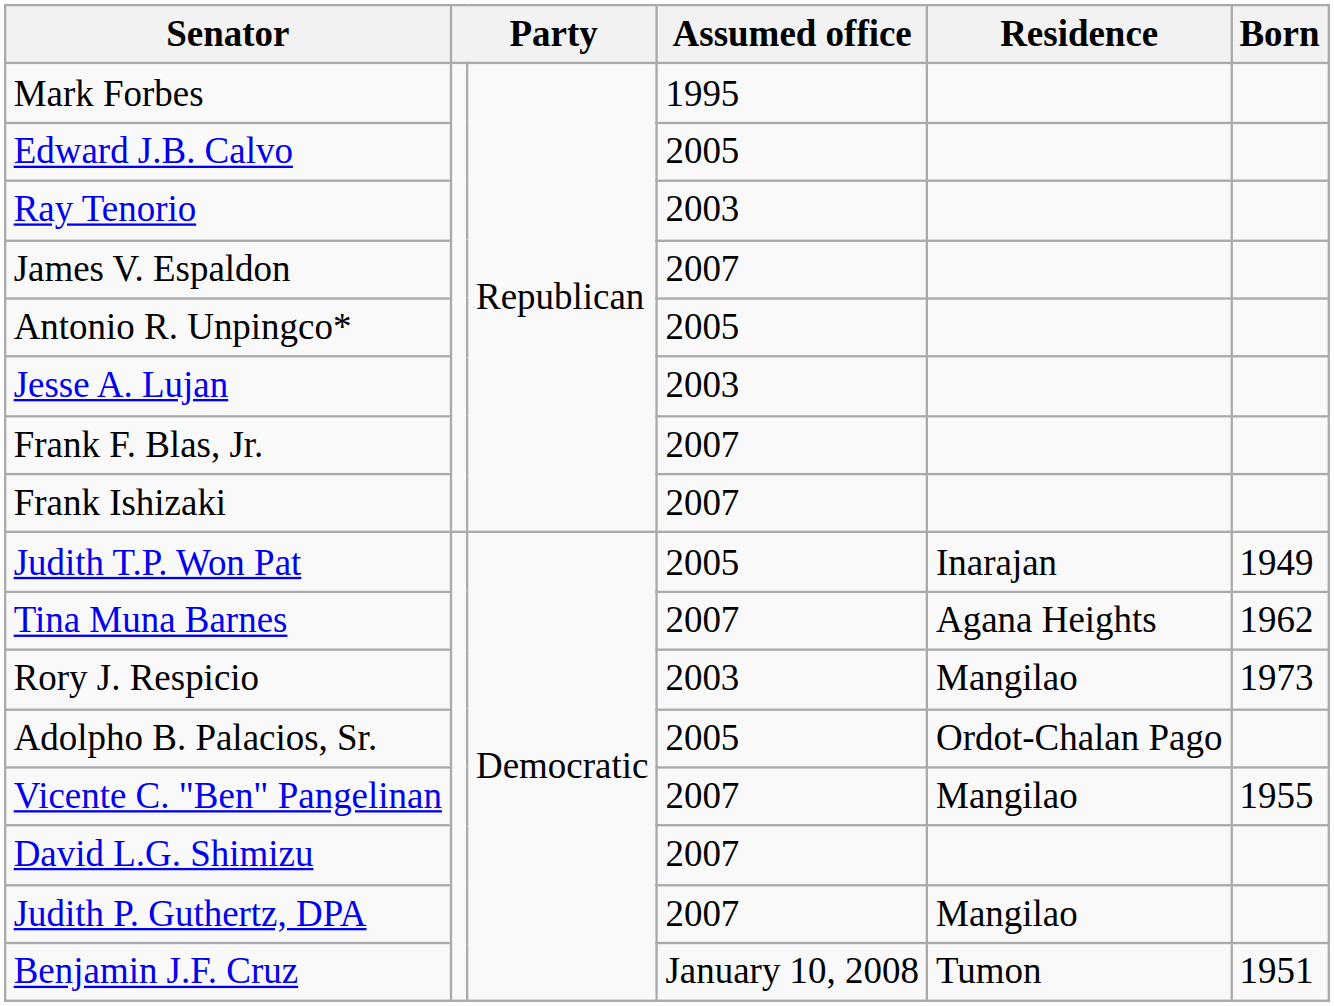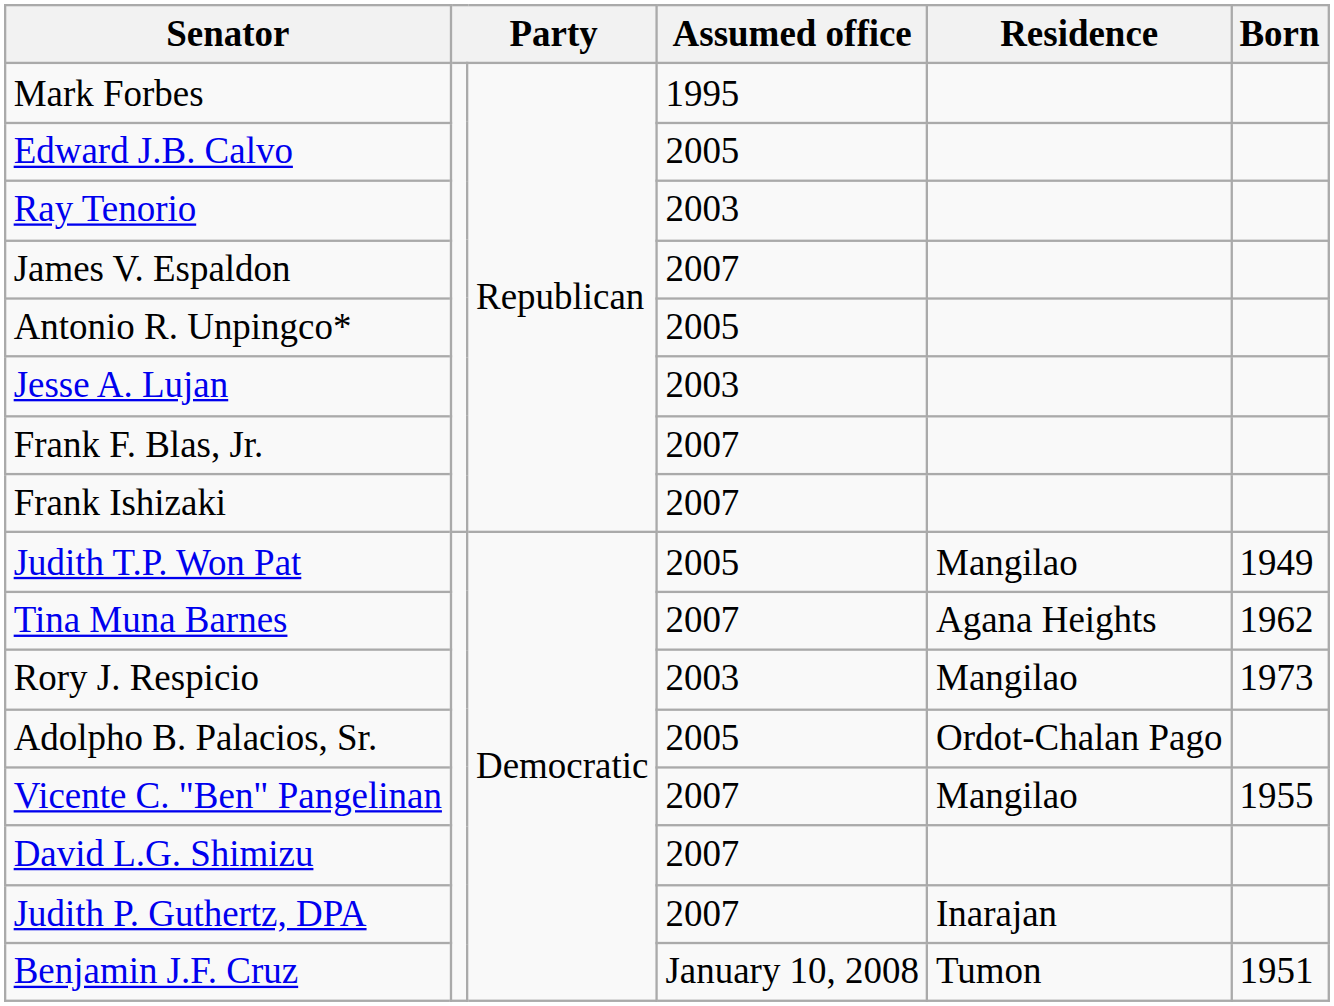 <table class="wikitable sortable" id="votingmembers">
 <tr style="vertical-align:bottom;">
 <th>Senator</th>
 <th colspan=2>Party</th>
 <th>Assumed office</th>
 <th>Residence</th>
 <th>Born</th>
 </tr>
 <tr>
 <td>Mark Forbes</td>
 <td rowspan="8" style="background-color:"></td>
 <td rowspan="8">Republican</td>
 <td>1995</td>
 <td></td>
 <td></td>
 </tr>
 <tr>
 <td><a href='#'>Edward J.B. Calvo</a></td>
 <td>2005</td>
 <td></td>
 <td></td>
 </tr>
 <tr>
 <td><a href='#'>Ray Tenorio</a></td>
 <td>2003</td>
 <td></td>
 <td></td>
 </tr>
 <tr>
 <td>James V. Espaldon</td>
 <td>2007</td>
 <td></td>
 <td></td>
 </tr>
 <tr>
 <td>Antonio R. Unpingco*</td>
 <td>2005</td>
 <td></td>
 <td></td>
 </tr>
 <tr>
 <td><a href='#'>Jesse A. Lujan</a></td>
 <td>2003</td>
 <td></td>
 <td></td>
 </tr>
 <tr>
 <td>Frank F. Blas, Jr.</td>
 <td>2007</td>
 <td></td>
 <td></td>
 </tr>
 <tr>
 <td>Frank Ishizaki</td>
 <td>2007</td>
 <td></td>
 <td></td>
 </tr>
 <tr>
 <td><a href='#'>Judith T.P. Won Pat</a></td>
 <td rowspan="8" style="background-color:"></td>
 <td rowspan="8">Democratic</td>
 <td>2005</td>
-<td>Inarajan</td>
+<td>Mangilao</td>
 <td>1949</td>
 </tr>
 <tr>
 <td><a href='#'>Tina Muna Barnes</a></td>
 <td>2007</td>
 <td>Agana Heights</td>
 <td>1962</td>
 </tr>
 <tr>
 <td>Rory J. Respicio</td>
 <td>2003</td>
 <td>Mangilao</td>
 <td>1973</td>
 </tr>
 <tr>
 <td>Adolpho B. Palacios, Sr.</td>
 <td>2005</td>
 <td>Ordot-Chalan Pago</td>
 <td></td>
 </tr>
 <tr>
 <td><a href='#'>Vicente C. "Ben" Pangelinan</a></td>
 <td>2007</td>
 <td>Mangilao</td>
 <td>1955</td>
 </tr>
 <tr>
 <td><a href='#'>David L.G. Shimizu</a></td>
 <td>2007</td>
 <td></td>
 <td></td>
 </tr>
 <tr>
 <td><a href='#'>Judith P. Guthertz, DPA</a></td>
 <td>2007</td>
-<td>Mangilao</td>
+<td>Inarajan</td>
 <td></td>
 </tr>
 <tr>
 <td><a href='#'>Benjamin J.F. Cruz</a></td>
 <td>January 10, 2008</td>
 <td>Tumon</td>
 <td>1951</td>
 </tr>
 </table>
